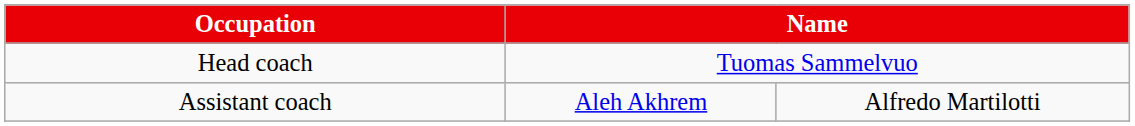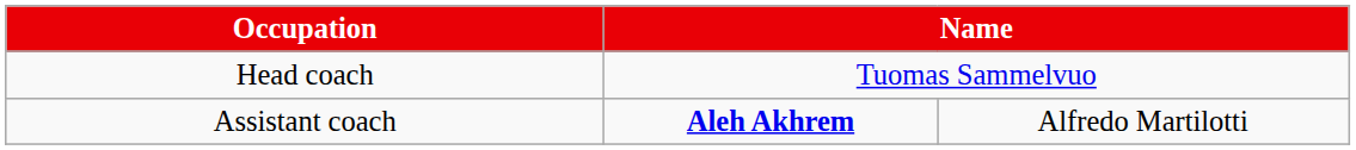 <table class="wikitable" style="font-size:100%; text-align:center">
 <tr>
 <th style="width:20em; color:#FFFFFF; background-color:#E90006">Occupation</th>
 <th colspan="2" style="width:25em; color:#FFFFFF; background-color:#E90006">Name</th>
 </tr>
 <tr>
 <td>Head coach</td>
 <td colspan="2"> <a href='#'>Tuomas Sammelvuo</a></td>
 </tr>
 <tr>
 <td>Assistant coach</td>
-<td> <a href='#'>Aleh Akhrem</a></td>
+<td><strong> <a href='#'>Aleh Akhrem</a></strong></td>
 <td> Alfredo Martilotti</td>
 </tr>
 </table>
